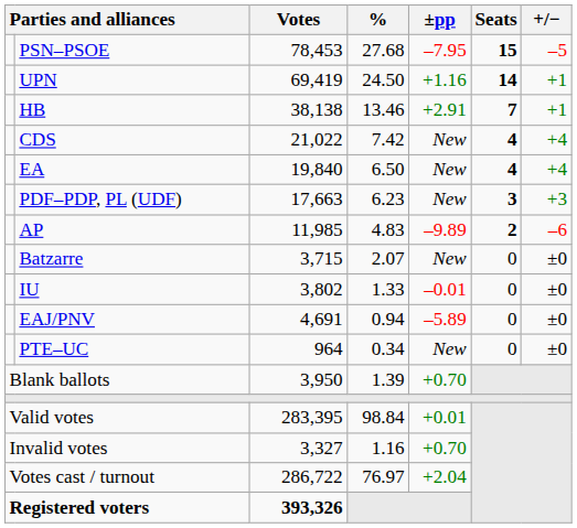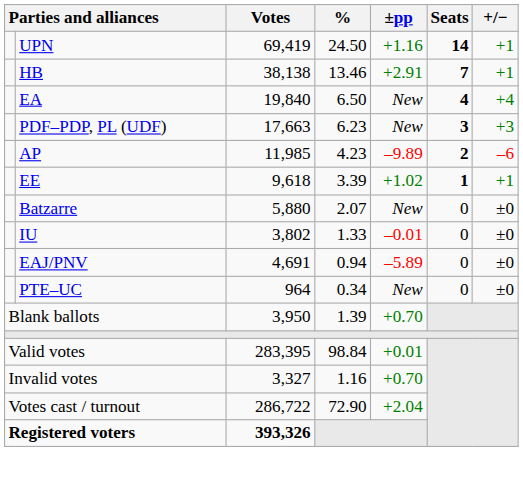 <table class="wikitable" style="text-align:right;">
 <tr>
 <th style="text-align:left;" colspan="2" width="200">Parties and alliances</th>
 <th width="75">Votes</th>
 <th width="45">%</th>
 <th width="45">±<a href='#'>pp</a></th>
 <th width="35">Seats</th>
 <th width="35">+/−</th>
-</tr>
-<tr>
-<td width="1" style="color:inherit;background:"></td>
-<td align="left"><a href='#'>PSN–PSOE</a></td>
-<td>78,453</td>
-<td>27.68</td>
-<td style="color:red;">–7.95</td>
-<td><strong>15</strong></td>
-<td style="color:red;">–5</td>
 </tr>
 <tr>
 <td style="color:inherit;background:"></td>
 <td align="left"><a href='#'>UPN</a></td>
 <td>69,419</td>
 <td>24.50</td>
 <td style="color:green;">+1.16</td>
 <td><strong>14</strong></td>
 <td style="color:green;">+1</td>
 </tr>
 <tr>
 <td style="color:inherit;background:"></td>
 <td align="left"><a href='#'>HB</a></td>
 <td>38,138</td>
 <td>13.46</td>
 <td style="color:green;">+2.91</td>
 <td><strong>7</strong></td>
 <td style="color:green;">+1</td>
-</tr>
-<tr>
-<td style="color:inherit;background:"></td>
-<td align="left"><a href='#'>CDS</a></td>
-<td>21,022</td>
-<td>7.42</td>
-<td><em>New</em></td>
-<td><strong>4</strong></td>
-<td style="color:green;">+4</td>
 </tr>
 <tr>
 <td style="color:inherit;background:"></td>
 <td align="left"><a href='#'>EA</a></td>
 <td>19,840</td>
 <td>6.50</td>
 <td><em>New</em></td>
 <td><strong>4</strong></td>
 <td style="color:green;">+4</td>
 </tr>
 <tr>
 <td style="color:inherit;background:"></td>
 <td align="left"><a href='#'>PDF–PDP</a>, <a href='#'>PL</a> (<a href='#'>UDF</a>)</td>
 <td>17,663</td>
 <td>6.23</td>
 <td><em>New</em></td>
 <td><strong>3</strong></td>
 <td style="color:green;">+3</td>
 </tr>
 <tr>
 <td style="color:inherit;background:"></td>
 <td align="left"><a href='#'>AP</a></td>
 <td>11,985</td>
-<td>4.83</td>
+<td>4.23</td>
 <td style="color:red;">–9.89</td>
 <td><strong>2</strong></td>
 <td style="color:red;">–6</td>
 </tr>
 <tr>
 <td style="color:inherit;background:"></td>
+<td align="left"><a href='#'>EE</a></td>
+<td>9,618</td>
+<td>3.39</td>
+<td style="color:green;">+1.02</td>
+<td><strong>1</strong></td>
+<td style="color:green;">+1</td>
+</tr>
+<tr>
+<td style="color:inherit;background:"></td>
 <td align="left"><a href='#'>Batzarre</a></td>
-<td>3,715</td>
+<td>5,880</td>
 <td>2.07</td>
 <td><em>New</em></td>
 <td>0</td>
 <td>±0</td>
 </tr>
 <tr>
 <td style="color:inherit;background:"></td>
 <td align="left"><a href='#'>IU</a></td>
 <td>3,802</td>
 <td>1.33</td>
 <td style="color:red;">–0.01</td>
 <td>0</td>
 <td>±0</td>
 </tr>
 <tr>
 <td style="color:inherit;background:"></td>
 <td align="left"><a href='#'>EAJ/PNV</a></td>
 <td>4,691</td>
 <td>0.94</td>
 <td style="color:red;">–5.89</td>
 <td>0</td>
 <td>±0</td>
 </tr>
 <tr>
 <td style="color:inherit;background:"></td>
 <td align="left"><a href='#'>PTE–UC</a></td>
 <td>964</td>
 <td>0.34</td>
 <td><em>New</em></td>
 <td>0</td>
 <td>±0</td>
 </tr>
 <tr>
 <td align="left" colspan="2">Blank ballots</td>
 <td>3,950</td>
 <td>1.39</td>
 <td style="color:green;">+0.70</td>
 <td bgcolor="#E9E9E9" colspan="2"></td>
 </tr>
 <tr>
 <td colspan="7" bgcolor="#E9E9E9"></td>
 </tr>
 <tr>
 <td align="left" colspan="2">Valid votes</td>
 <td>283,395</td>
 <td>98.84</td>
 <td style="color:green;">+0.01</td>
 <td bgcolor="#E9E9E9" colspan="2" rowspan="4"></td>
 </tr>
 <tr>
 <td align="left" colspan="2">Invalid votes</td>
 <td>3,327</td>
 <td>1.16</td>
 <td style="color:green;">+0.70</td>
 </tr>
 <tr>
 <td align="left" colspan="2">Votes cast / turnout</td>
 <td>286,722</td>
-<td>76.97</td>
+<td>72.90</td>
 <td style="color:green;">+2.04</td>
 </tr>
 <tr style="font-weight:bold;">
 <td align="left" colspan="2">Registered voters</td>
 <td>393,326</td>
 <td bgcolor="#E9E9E9" colspan="2"></td>
 </tr>
 </table>
